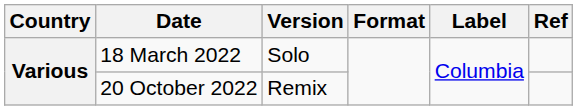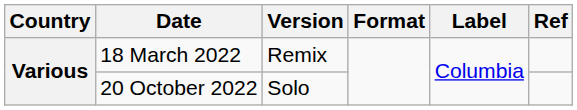 <table class="wikitable plainrowheaders">
 <tr>
 <th>Country</th>
 <th>Date</th>
 <th>Version</th>
 <th>Format</th>
 <th>Label</th>
 <th>Ref</th>
 </tr>
 <tr>
 <th rowspan="2" scope="row">Various</th>
 <td>18 March 2022</td>
-<td>Solo</td>
+<td>Remix</td>
 <td rowspan="2"></td>
 <td rowspan="3"><a href='#'>Columbia</a></td>
 <td></td>
 </tr>
 <tr>
 <td>20 October 2022</td>
-<td>Remix</td>
+<td>Solo</td>
 <td></td>
 </tr>
 </table>
